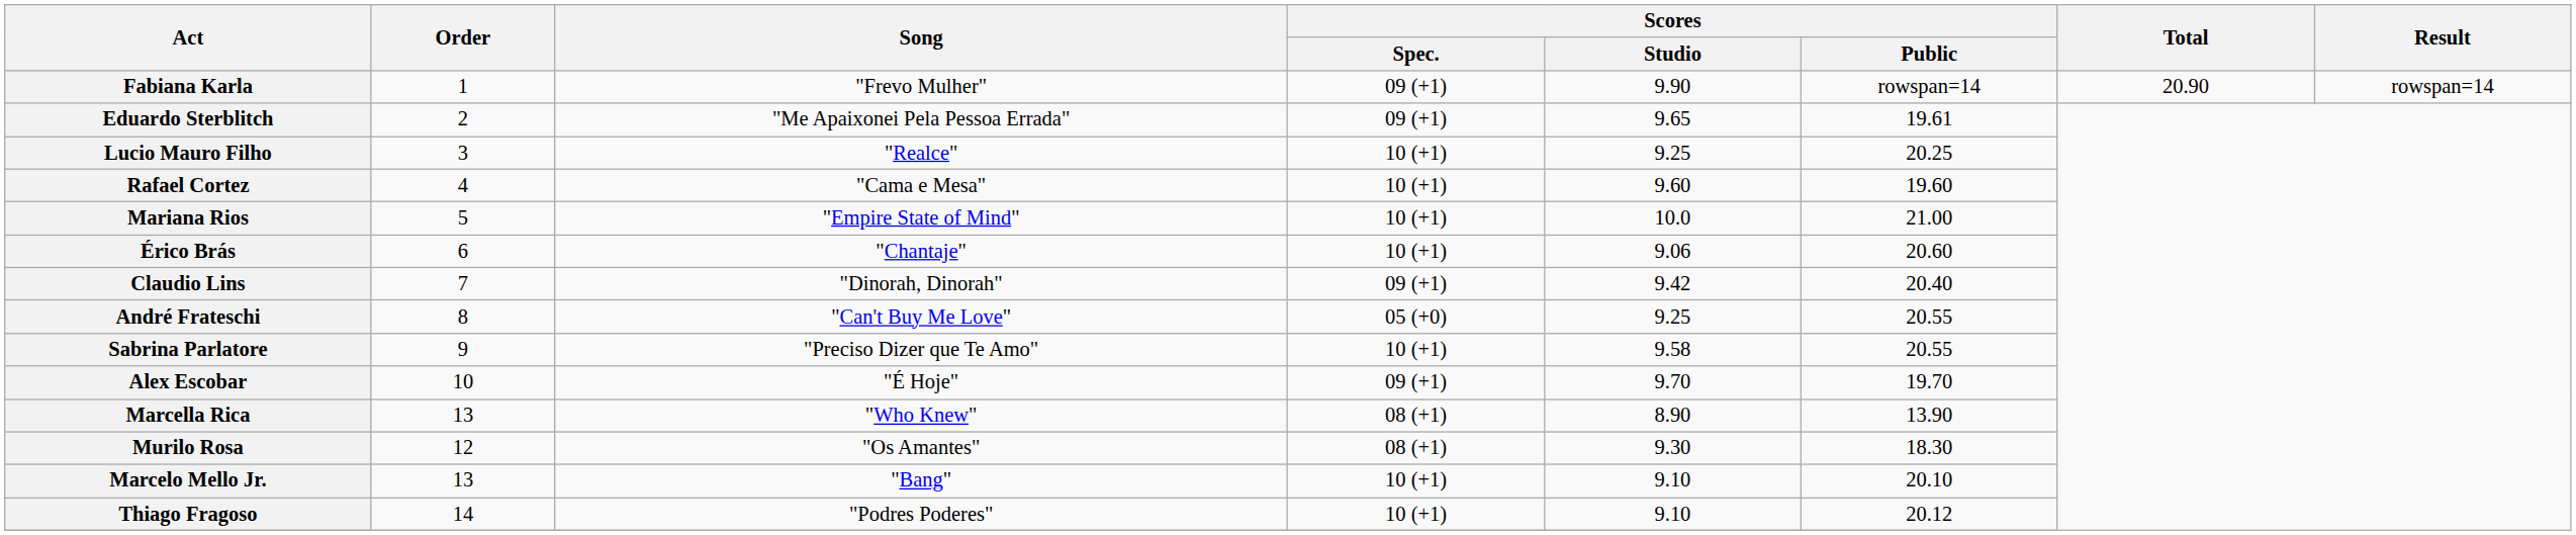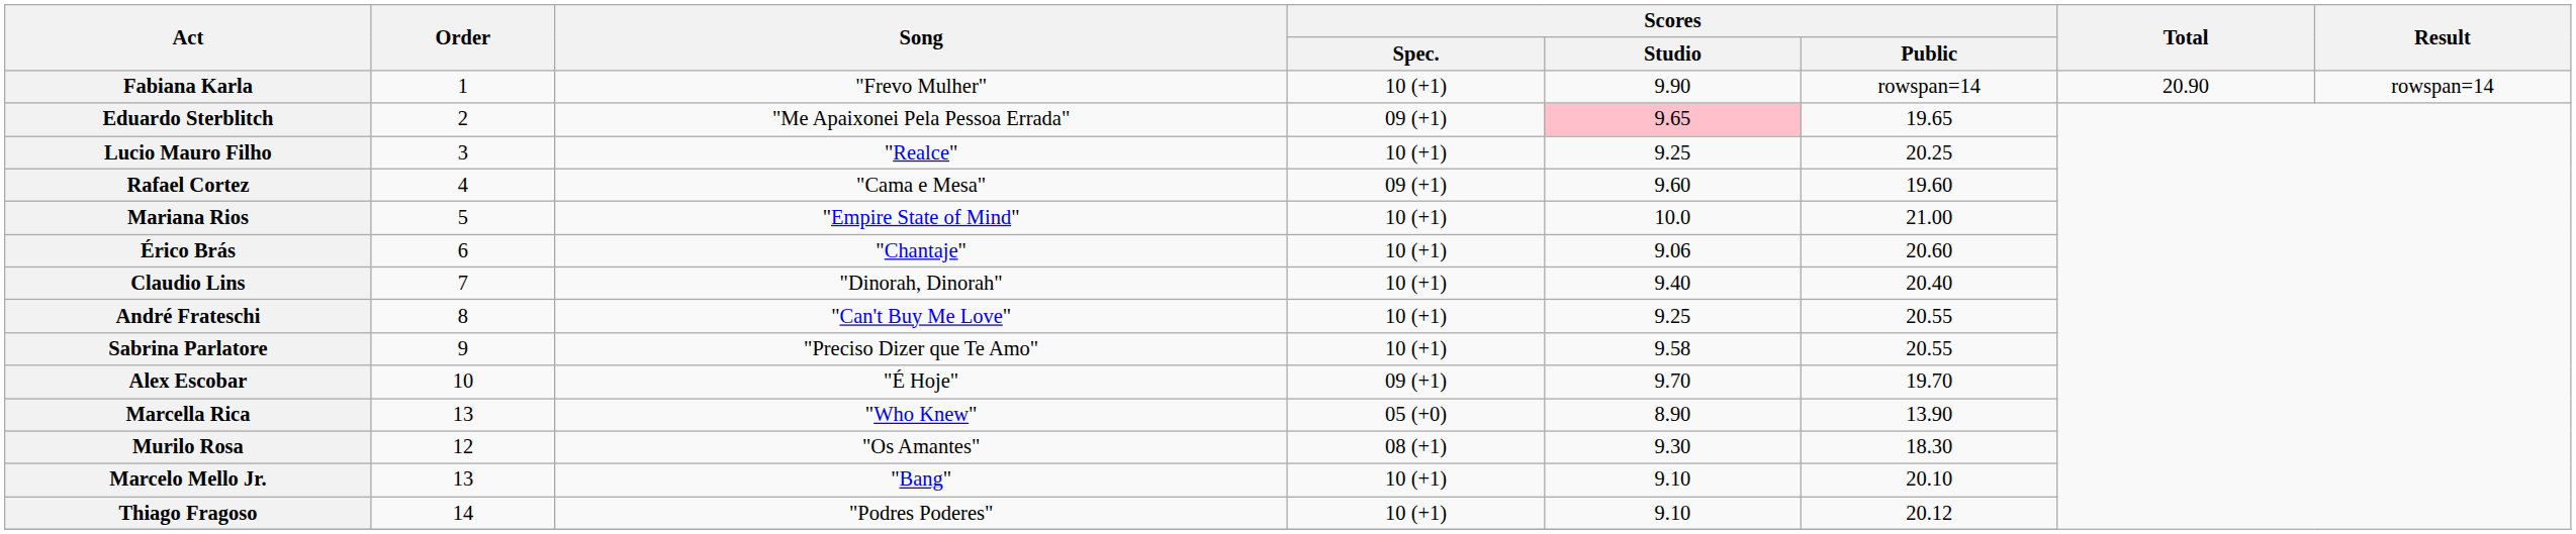 <table class="wikitable plainrowheaders" style="text-align:center; width:100%;">
 <tr>
 <th scope="col" rowspan=2 width="10.0%">Act</th>
 <th scope="col" rowspan=2 width="05.0%">Order</th>
 <th scope="col" rowspan=2 width="20.0%">Song</th>
 <th scope="col" colspan=3 width="20.0%">Scores</th>
 <th scope="col" rowspan=2 width="07.0%">Total</th>
 <th scope="col" rowspan=2 width="07.0%">Result</th>
 </tr>
 <tr>
 <th scope="col" width="07.0%">Spec.</th>
 <th scope="col" width="07.0%">Studio</th>
 <th scope="col" width="07.0%">Public</th>
 </tr>
 <tr>
 <th scope="row">Fabiana Karla</th>
 <td>1</td>
 <td>"Frevo Mulher"</td>
-<td>09 (+1)</td>
+<td>10 (+1)</td>
 <td>9.90</td>
 <td>rowspan=14 </td>
 <td>20.90</td>
 <td>rowspan=14 </td>
 </tr>
 <tr>
 <th scope="row">Eduardo Sterblitch</th>
 <td>2</td>
 <td>"Me Apaixonei Pela Pessoa Errada"</td>
 <td>09 (+1)</td>
-<td>9.65</td>
-<td>19.61</td>
+<td style="background: pink;">9.65</td>
+<td>19.65</td>
 </tr>
 <tr>
 <th scope="row">Lucio Mauro Filho</th>
 <td>3</td>
 <td>"<a href='#'>Realce</a>"</td>
 <td>10 (+1)</td>
 <td>9.25</td>
 <td>20.25</td>
 </tr>
 <tr>
 <th scope="row">Rafael Cortez</th>
 <td>4</td>
 <td>"Cama e Mesa"</td>
-<td>10 (+1)</td>
+<td>09 (+1)</td>
 <td>9.60</td>
 <td>19.60</td>
 </tr>
 <tr>
 <th scope="row">Mariana Rios</th>
 <td>5</td>
 <td>"<a href='#'>Empire State of Mind</a>"</td>
 <td>10 (+1)</td>
 <td>10.0</td>
 <td>21.00</td>
 </tr>
 <tr>
 <th scope="row">Érico Brás</th>
 <td>6</td>
 <td>"<a href='#'>Chantaje</a>"</td>
 <td>10 (+1)</td>
 <td>9.06</td>
 <td>20.60</td>
 </tr>
 <tr>
 <th scope="row">Claudio Lins</th>
 <td>7</td>
 <td>"Dinorah, Dinorah"</td>
-<td>09 (+1)</td>
-<td>9.42</td>
+<td>10 (+1)</td>
+<td>9.40</td>
 <td>20.40</td>
 </tr>
 <tr>
 <th scope="row">André Frateschi</th>
 <td>8</td>
 <td>"<a href='#'>Can't Buy Me Love</a>"</td>
-<td>05 (+0)</td>
+<td>10 (+1)</td>
 <td>9.25</td>
 <td>20.55</td>
 </tr>
 <tr>
 <th scope="row">Sabrina Parlatore</th>
 <td>9</td>
 <td>"Preciso Dizer que Te Amo"</td>
 <td>10 (+1)</td>
 <td>9.58</td>
 <td>20.55</td>
 </tr>
 <tr>
 <th scope="row">Alex Escobar</th>
 <td>10</td>
 <td>"É Hoje"</td>
 <td>09 (+1)</td>
 <td>9.70</td>
 <td>19.70</td>
 </tr>
 <tr>
 <th scope="row">Marcella Rica</th>
 <td>13</td>
 <td>"<a href='#'>Who Knew</a>"</td>
-<td>08 (+1)</td>
+<td>05 (+0)</td>
 <td>8.90</td>
 <td>13.90</td>
 </tr>
 <tr>
 <th scope="row">Murilo Rosa</th>
 <td>12</td>
 <td>"Os Amantes"</td>
 <td>08 (+1)</td>
 <td>9.30</td>
 <td>18.30</td>
 </tr>
 <tr>
 <th scope="row">Marcelo Mello Jr.</th>
 <td>13</td>
 <td>"<a href='#'>Bang</a>"</td>
 <td>10 (+1)</td>
 <td>9.10</td>
 <td>20.10</td>
 </tr>
 <tr>
 <th scope="row">Thiago Fragoso</th>
 <td>14</td>
 <td>"Podres Poderes"</td>
 <td>10 (+1)</td>
 <td>9.10</td>
 <td>20.12</td>
 </tr>
 <tr>
 </tr>
 </table>
